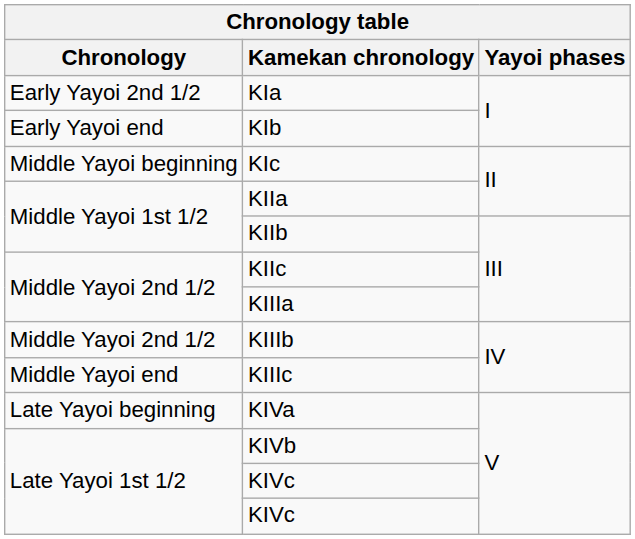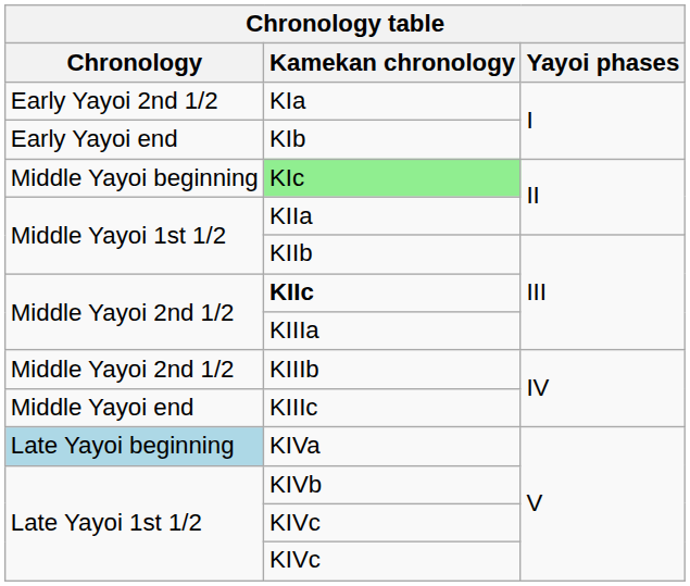 <table class="wikitable">
 <tr>
 <th colspan="3">Chronology table</th>
 </tr>
 <tr>
 <th>Chronology</th>
 <th>Kamekan chronology</th>
 <th>Yayoi phases</th>
 </tr>
 <tr>
 <td>Early Yayoi 2nd 1/2</td>
 <td>KIa</td>
 <td rowspan="2">I</td>
 </tr>
 <tr>
 <td>Early Yayoi end</td>
 <td>KIb</td>
 </tr>
 <tr>
 <td>Middle Yayoi beginning</td>
-<td>KIc</td>
+<td style="background: lightgreen;">KIc</td>
 <td rowspan="2">II</td>
 </tr>
 <tr>
 <td rowspan="2">Middle Yayoi 1st 1/2</td>
 <td>KIIa</td>
 </tr>
 <tr>
 <td>KIIb</td>
 <td rowspan="3">III</td>
 </tr>
 <tr>
 <td rowspan="2">Middle Yayoi 2nd 1/2</td>
-<td>KIIc</td>
+<td><strong>KIIc</strong></td>
 </tr>
 <tr>
 <td>KIIIa</td>
 </tr>
 <tr>
 <td>Middle Yayoi 2nd 1/2</td>
 <td>KIIIb</td>
 <td rowspan="2">IV</td>
 </tr>
 <tr>
 <td>Middle Yayoi end</td>
 <td>KIIIc</td>
 </tr>
 <tr>
-<td>Late Yayoi beginning</td>
+<td style="background: lightblue;">Late Yayoi beginning</td>
 <td>KIVa</td>
 <td rowspan="4">V</td>
 </tr>
 <tr>
 <td rowspan="3">Late Yayoi 1st 1/2</td>
 <td>KIVb</td>
 </tr>
 <tr>
 <td>KIVc</td>
 </tr>
 <tr>
 <td>KIVc</td>
 </tr>
 </table>
